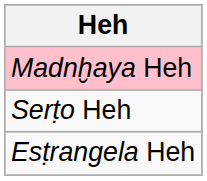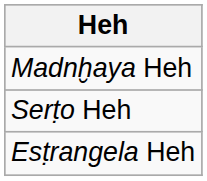 <table class="wikitable">
 <tr>
 <th><strong>Heh</strong></th>
 </tr>
 <tr>
-<td style="background: pink;"> <em>Madnḫaya</em> Heh</td>
+<td> <em>Madnḫaya</em> Heh</td>
 </tr>
 <tr>
 <td> <em>Serṭo</em> Heh</td>
 </tr>
 <tr>
 <td> <em>Esṭrangela</em> Heh</td>
 </tr>
 </table>
